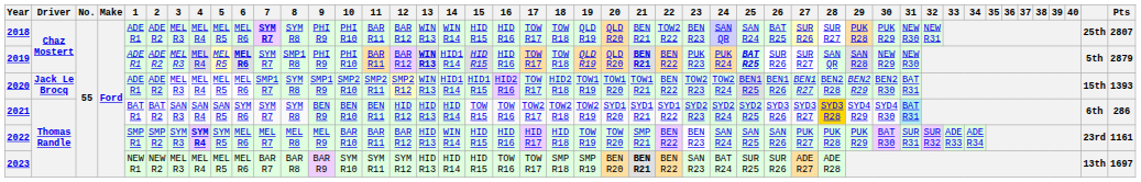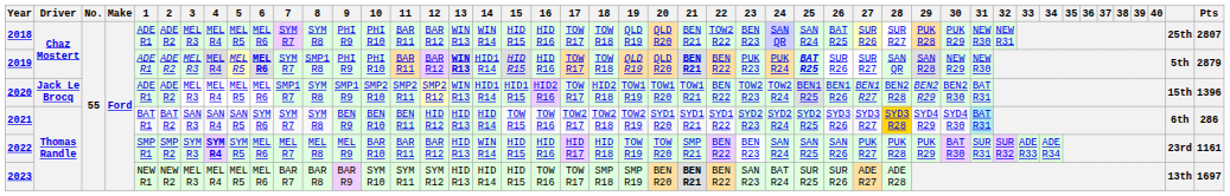 <table class="wikitable mw-collapsible mw-collapsed" style="text-align:center; ">
 <tr>
 <th>Year</th>
 <th>Driver</th>
 <th>No.</th>
 <th>Make</th>
 <th>1</th>
 <th>2</th>
 <th>3</th>
 <th>4</th>
 <th>5</th>
 <th>6</th>
 <th>7</th>
 <th>8</th>
 <th>9</th>
 <th>10</th>
 <th>11</th>
 <th>12</th>
 <th>13</th>
 <th>14</th>
 <th>15</th>
 <th>16</th>
 <th>17</th>
 <th>18</th>
 <th>19</th>
 <th>20</th>
 <th>21</th>
 <th>22</th>
 <th>23</th>
 <th>24</th>
 <th>25</th>
 <th>26</th>
 <th>27</th>
 <th>28</th>
 <th>29</th>
 <th>30</th>
 <th>31</th>
 <th>32</th>
 <th>33</th>
 <th>34</th>
 <th>35</th>
 <th>36</th>
 <th>37</th>
 <th>38</th>
 <th>39</th>
 <th>40</th>
 <th></th>
 <th>Pts</th>
 </tr>
 <tr>
 <th><a href='#'>2018</a></th>
 <th rowspan=2><a href='#'>Chaz Mostert</a></th>
 <th rowspan=6>55</th>
 <th rowspan=6><a href='#'>Ford</a></th>
 <td style="background: #dfffdf"><a href='#'>ADE<br>R1</a><br></td>
 <td style="background: #dfffdf"><a href='#'>ADE<br>R2</a><br></td>
 <td style="background: #dfffdf"><a href='#'>MEL<br>R3</a><br></td>
 <td style="background: #dfffdf"><a href='#'>MEL<br>R4</a><br></td>
 <td style="background: #dfffdf"><a href='#'>MEL<br>R5</a><br></td>
 <td style="background: #dfffdf"><a href='#'>MEL<br>R6</a><br></td>
-<td style="background: #efcfff"><strong><a href='#'>SYM<br>R7</a><br></strong></td>
+<td style="background: #efcfff"><a href='#'>SYM<br>R7</a><br></td>
 <td style="background: #dfffdf"><a href='#'>SYM<br>R8</a><br></td>
 <td style="background: #dfffdf"><a href='#'>PHI<br>R9</a><br></td>
 <td style="background: #dfffdf"><a href='#'>PHI<br>R10</a><br></td>
 <td style="background: #dfffdf"><a href='#'>BAR<br>R11</a><br></td>
 <td style="background: #dfffdf"><a href='#'>BAR<br>R12</a><br></td>
 <td style="background: #dfffdf"><a href='#'>WIN<br>R13</a><br></td>
 <td style="background: #dfffdf"><a href='#'>WIN<br>R14</a><br></td>
 <td style="background: #dfffdf"><a href='#'>HID<br>R15</a><br></td>
 <td style="background: #dfffdf"><a href='#'>HID<br>R16</a><br></td>
 <td style="background: #dfffdf"><a href='#'>TOW<br>R17</a><br></td>
 <td style="background: #dfffdf"><a href='#'>TOW<br>R18</a><br></td>
 <td style="background: #dfffdf"><a href='#'>QLD<br>R19</a><br></td>
 <td style="background: #ffdf9f"><a href='#'>QLD<br>R20</a><br></td>
 <td style="background: #dfffdf"><a href='#'>BEN<br>R21</a><br></td>
 <td style="background: #dfffdf"><a href='#'>TOW2<br>R22</a><br></td>
 <td style="background: #dfffdf"><a href='#'>BEN<br>R23</a><br></td>
 <td style="background: #cfcfff"><a href='#'>SAN<br>QR</a><br></td>
 <td style="background: #dfffdf"><a href='#'>SAN<br>R24</a><br></td>
 <td style="background: #dfffdf"><a href='#'>BAT<br>R25</a><br></td>
 <td style="background: #ffffbf"><a href='#'>SUR<br>R26</a><br></td>
 <td style="background: #ffffff"><a href='#'>SUR<br>R27</a><br></td>
 <td style="background: #ffdf9f"><a href='#'>PUK<br>R28</a><br></td>
 <td style="background: #dfffdf"><a href='#'>PUK<br>R29</a><br></td>
 <td style="background: #dfffdf"><a href='#'>NEW<br>R30</a><br></td>
 <td style="background: #dfffdf"><a href='#'>NEW<br>R31</a><br></td>
 <th colspan=8></th>
 <th>25th</th>
 <th>2807</th>
 </tr>
 <tr>
 <th><a href='#'>2019</a></th>
 <td style="background: #dfffdf"><em><a href='#'>ADE<br>R1</a><br></em></td>
 <td style="background: #dfffdf"><em><a href='#'>ADE<br>R2</a><br></em></td>
 <td style="background: #dfffdf"><em><a href='#'>MEL<br>R3</a><br></em></td>
 <td style="background: #dfdfdf"><a href='#'>MEL<br>R4</a><br></td>
 <td style="background: #ffffbf"><em><a href='#'>MEL<br>R5</a><br></em></td>
 <td style="background: #dfdfdf"><strong><a href='#'>MEL<br>R6</a><br></strong></td>
 <td style="background: #dfffdf"><a href='#'>SYM<br>R7</a><br></td>
 <td style="background: #dfffdf"><a href='#'>SMP1<br>R8</a><br></td>
 <td style="background: #dfffdf"><a href='#'>PHI<br>R9</a><br></td>
 <td style="background: #dfffdf"><a href='#'>PHI<br>R10</a><br></td>
 <td style="background: #ffdf9f"><a href='#'>BAR<br>R11</a><br></td>
 <td style="background: #efcfff"><a href='#'>BAR<br>R12</a><br></td>
 <td style="background: #dfdfdf"><strong><a href='#'>WIN<br>R13</a><br></strong></td>
 <td style="background: #dfffdf"><a href='#'>HID1<br>R14</a><br></td>
 <td style="background: #dfdfdf"><em><a href='#'>HID<br>R15</a><br></em></td>
 <td style="background: #dfffdf"><a href='#'>HID<br>R16</a><br></td>
 <td style="background: #ffdf9f"><a href='#'>TOW<br>R17</a><br></td>
 <td style="background: #dfffdf"><a href='#'>TOW<br>R18</a><br></td>
 <td style="background: #ffdf9f"><em><a href='#'>QLD<br>R19</a><br></em></td>
 <td style="background: #ffdf9f"><a href='#'>QLD<br>R20</a><br></td>
 <td style="background: #dfdfdf"><strong><a href='#'>BEN<br>R21</a><br></strong></td>
 <td style="background: #ffdf9f"><a href='#'>BEN<br>R22</a><br></td>
 <td style="background: #dfffdf"><a href='#'>PUK<br>R23</a><br></td>
 <td style="background: #ffdf9f"><a href='#'>PUK<br>R24</a><br></td>
 <td style="background: #dfffdf"><strong><em><a href='#'>BAT<br>R25</a><br></em></strong></td>
 <td style="background: #ffffff"><a href='#'>SUR<br>R26</a><br></td>
 <td style="background: #ffffff"><a href='#'>SUR<br>R27</a><br></td>
 <td style="background: #dfffdf"><a href='#'>SAN<br>QR</a><br></td>
 <td style="background: #dfdfdf"><a href='#'>SAN<br>R28</a><br></td>
 <td style="background: #dfffdf"><a href='#'>NEW<br>R29</a><br></td>
 <td style="background: #dfffdf"><a href='#'>NEW<br>R30</a><br></td>
 <th colspan=9></th>
 <th>5th</th>
 <th>2879</th>
 </tr>
 <tr>
 <th><a href='#'>2020</a></th>
 <th rowspan=1><a href='#'>Jack Le Brocq</a></th>
 <td style="background: #dfffdf"><a href='#'>ADE<br>R1</a><br></td>
 <td style="background: #dfffdf"><a href='#'>ADE<br>R2</a><br></td>
 <td style="background: #ffffff"><a href='#'>MEL<br>R3</a><br></td>
 <td style="background: #ffffff"><a href='#'>MEL<br>R4</a><br></td>
 <td style="background: #ffffff"><a href='#'>MEL<br>R5</a><br></td>
 <td style="background: #ffffff"><a href='#'>MEL<br>R6</a><br></td>
 <td style="background: #dfffdf"><a href='#'>SMP1<br>R7</a><br></td>
 <td style="background: #dfffdf"><a href='#'>SYM<br>R8</a><br></td>
 <td style="background: #dfffdf"><a href='#'>SMP1<br>R9</a><br></td>
 <td style="background: #dfffdf"><a href='#'>SMP2<br>R10</a><br></td>
 <td style="background: #dfffdf"><a href='#'>SMP2<br>R11</a><br></td>
 <td style="background: #ffffbf"><a href='#'>SMP2<br>R12</a><br></td>
 <td style="background: #dfffdf"><a href='#'>WIN<br>R13</a><br></td>
 <td style="background: #dfffdf"><a href='#'>HID1<br>R14</a><br></td>
 <td style="background: #dfffdf"><a href='#'>HID1<br>R15</a><br></td>
 <td style="background: #efcfff"><a href='#'>HID2<br>R16</a><br></td>
 <td style="background: #dfffdf"><a href='#'>TOW<br>R17</a><br></td>
 <td style="background: #dfffdf"><a href='#'>HID2<br>R18</a><br></td>
 <td style="background: #dfffdf"><a href='#'>TOW1<br>R19</a><br></td>
 <td style="background: #dfffdf"><a href='#'>TOW1<br>R20</a><br></td>
 <td style="background: #dfffdf"><a href='#'>TOW1<br>R21</a><br></td>
 <td style="background: #dfffdf"><a href='#'>BEN<br>R22</a><br></td>
 <td style="background: #dfffdf"><a href='#'>TOW2<br>R23</a><br></td>
 <td style="background: #dfffdf"><a href='#'>TOW2<br>R24</a><br></td>
 <td style="background: #dfdfdf"><a href='#'>BEN1<br>R25</a><br></td>
 <td style="background: #dfffdf"><a href='#'>BEN1<br>R26</a><br></td>
 <td style="background: #dfffdf"><em><a href='#'>BEN1<br>R27</a><br></em></td>
 <td style="background: #dfffdf"><a href='#'>BEN2<br>R28</a><br></td>
 <td style="background: #dfffdf"><em><a href='#'>BEN2<br>R29</a><br></em></td>
 <td style="background: #dfffdf"><a href='#'>BEN2<br>R30</a><br></td>
 <td style="background: #dfffdf"><a href='#'>BAT<br>R31</a><br></td>
 <th colspan=9></th>
 <th>15th</th>
-<th>1393</th>
+<th>1396</th>
 </tr>
 <tr>
 <th><a href='#'>2021</a></th>
 <th rowspan=3><a href='#'>Thomas Randle</a></th>
 <td><a href='#'>BAT<br>R1</a><br></td>
 <td><a href='#'>BAT<br>R2</a><br></td>
 <td><a href='#'>SAN<br>R3</a><br></td>
 <td><a href='#'>SAN<br>R4</a><br></td>
 <td><a href='#'>SAN<br>R5</a><br></td>
 <td><a href='#'>SYM<br>R6</a><br></td>
 <td><a href='#'>SYM<br>R7</a><br></td>
 <td><a href='#'>SYM<br>R8</a><br></td>
 <td style="background: #dfffdf"><a href='#'>BEN<br>R9</a><br></td>
 <td style="background: #dfffdf"><a href='#'>BEN<br>R10</a><br></td>
 <td style="background: #dfffdf"><a href='#'>BEN<br>R11</a><br></td>
 <td style="background: #dfffdf"><a href='#'>HID<br>R12</a><br></td>
 <td style="background: #dfffdf"><a href='#'>HID<br>R13</a><br></td>
 <td style="background: #dfffdf"><a href='#'>HID<br>R14</a><br></td>
 <td><a href='#'>TOW<br>R15</a><br></td>
 <td><a href='#'>TOW<br>R16</a><br></td>
 <td><a href='#'>TOW2<br>R17</a><br></td>
 <td><a href='#'>TOW2<br>R18</a><br></td>
 <td><a href='#'>TOW2<br>R19</a><br></td>
 <td><a href='#'>SYD1<br>R20</a><br></td>
 <td><a href='#'>SYD1<br>R21</a><br></td>
 <td><a href='#'>SYD1<br>R22</a><br></td>
 <td style="background: #dfffdf"><a href='#'>SYD2<br>R23</a><br></td>
 <td style="background: #dfffdf"><a href='#'>SYD2<br>R24</a><br></td>
 <td style="background: #dfffdf"><a href='#'>SYD2<br>R25</a><br></td>
 <td><a href='#'>SYD3<br>R26</a><br></td>
 <td><a href='#'>SYD3<br>R27</a><br></td>
 <td style="background: gold;"><a href='#'>SYD3<br>R28</a><br></td>
 <td><a href='#'>SYD4<br>R29</a><br></td>
 <td><a href='#'>SYD4<br>R30</a><br></td>
 <td style="background: paleturquoise;"><a href='#'>BAT<br>R31</a><br></td>
 <th colspan=9></th>
 <th>6th</th>
 <th>286</th>
 </tr>
 <tr>
 <th><a href='#'>2022</a></th>
 <td style="background: #dfffdf"><a href='#'>SMP<br>R1</a><br></td>
 <td style="background: #dfffdf"><a href='#'>SMP<br>R2</a><br></td>
 <td style="background: #dfffdf"><a href='#'>SYM<br>R3</a><br></td>
 <td style="background: #EFCFFF"><strong><a href='#'>SYM<br>R4</a><br></strong></td>
 <td style="background: #dfffdf"><a href='#'>SYM<br>R5</a><br></td>
 <td style="background: #dfffdf"><a href='#'>MEL<br>R6</a><br></td>
 <td style="background: #dfffdf"><a href='#'>MEL<br>R7</a><br></td>
 <td style="background: #dfffdf"><a href='#'>MEL<br>R8</a><br></td>
 <td style="background: #dfffdf"><a href='#'>MEL<br>R9</a><br></td>
 <td style="background: #dfffdf"><a href='#'>BAR<br>R10</a><br></td>
 <td style="background: #dfffdf"><a href='#'>BAR<br>R11</a><br></td>
 <td style="background: #dfffdf"><a href='#'>BAR<br>R12</a><br></td>
 <td style="background: #dfffdf"><a href='#'>HID<br>R13</a><br></td>
 <td style="background: #dfffdf"><a href='#'>WIN<br>R14</a><br></td>
 <td style="background: #dfffdf"><a href='#'>HID<br>R15</a><br></td>
 <td style="background: #dfffdf"><a href='#'>HID<br>R16</a><br></td>
 <td style="background: #efcfff"><a href='#'>HID<br>R17</a><br></td>
 <td style="background: #dfffdf"><a href='#'>HID<br>R18</a><br></td>
 <td style="background: #dfffdf"><a href='#'>TOW<br>R19</a><br></td>
 <td style="background: #dfffdf"><a href='#'>TOW<br>R20</a><br></td>
 <td style="background: #dfffdf"><a href='#'>SMP<br>R21</a><br></td>
 <td style="background: #efcfff"><a href='#'>BEN<br>R22</a><br></td>
 <td style="background: #ffffff"><a href='#'>BEN<br>R23</a><br></td>
 <td style="background: #dfffdf"><a href='#'>SAN<br>R24</a><br></td>
 <td style="background: #dfffdf"><a href='#'>SAN<br>R25</a><br></td>
 <td style="background: #dfffdf"><a href='#'>SAN<br>R26</a><br></td>
 <td style="background: #dfffdf"><a href='#'>PUK<br>R27</a><br></td>
 <td style="background: #dfffdf"><a href='#'>PUK<br>R28</a><br></td>
 <td style="background: #dfffdf"><a href='#'>PUK<br>R29</a><br></td>
 <td style="background: #efcfff"><a href='#'>BAT<br>R30</a><br></td>
 <td style="background: #dfffdf"><a href='#'>SUR<br>R31</a><br></td>
 <td style="background: #efcfff"><a href='#'>SUR<br>R32</a><br></td>
 <td style="background: #dfffdf"><a href='#'>ADE<br>R33</a><br></td>
 <td style="background: #dfffdf"><a href='#'>ADE<br>R34</a><br></td>
 <th colspan=6></th>
 <th>23rd</th>
 <th>1161</th>
 </tr>
 <tr>
 <th><a href='#'>2023</a></th>
 <td style="background:#dfffdf">NEW<br>R1<br></td>
 <td style="background:#dfffdf">NEW<br>R2<br></td>
 <td style="background:#dfffdf">MEL<br>R3<br></td>
 <td style="background:#dfffdf">MEL<br>R4<br></td>
 <td style="background:#dfffdf">MEL<br>R5<br></td>
 <td style="background:#dfffdf">MEL<br>R6<br></td>
 <td style="background:#dfffdf">BAR<br>R7<br></td>
 <td style="background:#dfffdf">BAR<br>R8<br></td>
 <td style="background:#efcfff">BAR<br>R9<br></td>
 <td style="background:#dfffdf">SYM<br>R10<br></td>
 <td style="background:#dfffdf">SYM<br>R11<br></td>
 <td style="background:#dfffdf">SYM<br>R12<br></td>
 <td style="background:#dfffdf">HID<br>R13<br></td>
 <td style="background:#dfffdf">HID<br>R14<br></td>
 <td style="background:#dfffdf">HID<br>R15<br></td>
 <td style="background:#dfffdf">TOW<br>R16<br></td>
 <td style="background:#dfffdf">TOW<br>R17<br></td>
 <td style="background:#dfffdf">SMP<br>R18<br></td>
 <td style="background:#dfffdf">SMP<br>R19<br></td>
 <td style="background:#ffdf9f">BEN<br>R20<br></td>
 <td style="background:#dfdfdf"><strong>BEN<br>R21<br></strong></td>
 <td style="background:#ffdf9f">BEN<br>R22<br></td>
 <td style="background:#dfffdf">SAN<br>R23<br></td>
 <td style="background:#dfffdf">BAT<br>R24<br></td>
 <td style="background:#dfffdf">SUR<br>R25<br></td>
 <td style="background:#dfffdf">SUR<br>R26<br></td>
 <td style="background:#ffdf9f">ADE<br>R27<br></td>
 <td style="background:#dfffdf">ADE<br>R28<br></td>
 <th colspan=12></th>
 <th style="background:">13th</th>
 <th style="background:">1697</th>
 </tr>
 </table>
